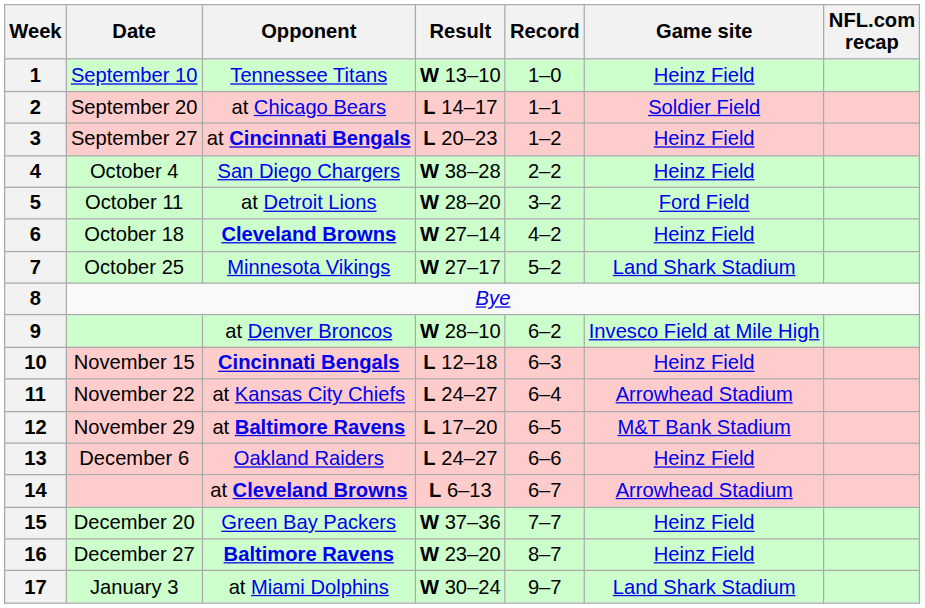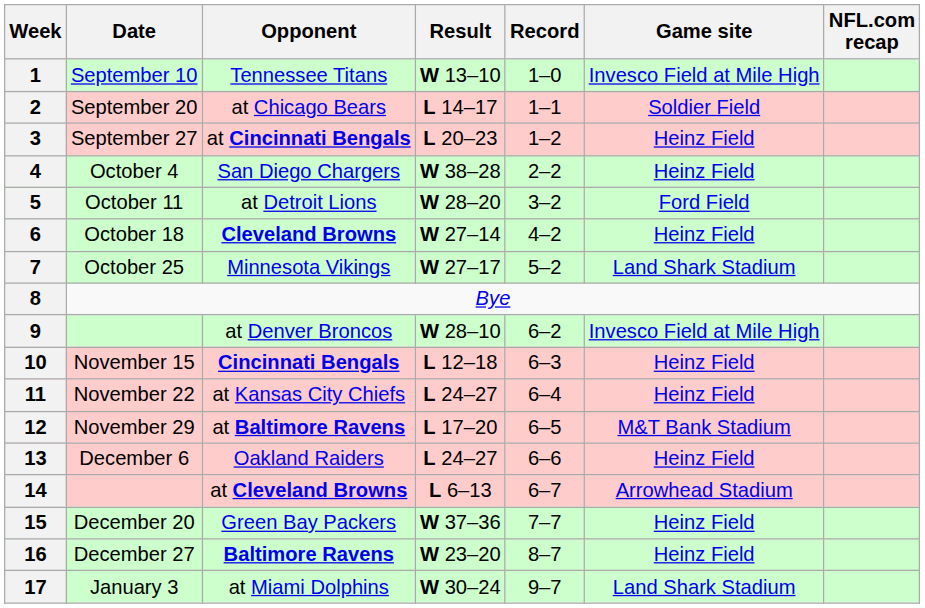 <table class="wikitable" style="text-align:center">
 <tr>
 <th>Week</th>
 <th>Date</th>
 <th>Opponent</th>
 <th>Result</th>
 <th>Record</th>
 <th>Game site</th>
 <th>NFL.com<br>recap</th>
 </tr>
 <tr style="background:#cfc;">
 <th>1</th>
 <td><a href='#'>September 10</a></td>
 <td><a href='#'>Tennessee Titans</a></td>
 <td><strong>W</strong> 13–10 </td>
 <td>1–0</td>
-<td><a href='#'>Heinz Field</a></td>
+<td><a href='#'>Invesco Field at Mile High</a></td>
 <td></td>
 </tr>
 <tr style="background:#fcc;">
 <th>2</th>
 <td>September 20</td>
 <td>at <a href='#'>Chicago Bears</a></td>
 <td><strong>L</strong> 14–17</td>
 <td>1–1</td>
 <td><a href='#'>Soldier Field</a></td>
 <td></td>
 </tr>
 <tr style="background:#fcc;">
 <th>3</th>
 <td>September 27</td>
 <td>at <strong><a href='#'>Cincinnati Bengals</a></strong></td>
 <td><strong>L</strong> 20–23</td>
 <td>1–2</td>
 <td><a href='#'>Heinz Field</a></td>
 <td></td>
 </tr>
 <tr style="background:#cfc;">
 <th>4</th>
 <td>October 4</td>
 <td><a href='#'>San Diego Chargers</a></td>
 <td><strong>W</strong> 38–28</td>
 <td>2–2</td>
 <td><a href='#'>Heinz Field</a></td>
 <td></td>
 </tr>
 <tr style="background:#cfc;">
 <th>5</th>
 <td>October 11</td>
 <td>at <a href='#'>Detroit Lions</a></td>
 <td><strong>W</strong> 28–20</td>
 <td>3–2</td>
 <td><a href='#'>Ford Field</a></td>
 <td></td>
 </tr>
 <tr style="background:#cfc;">
 <th>6</th>
 <td>October 18</td>
 <td><strong><a href='#'>Cleveland Browns</a></strong></td>
 <td><strong>W</strong> 27–14</td>
 <td>4–2</td>
 <td><a href='#'>Heinz Field</a></td>
 <td></td>
 </tr>
 <tr style="background:#cfc;">
 <th>7</th>
 <td>October 25</td>
 <td><a href='#'>Minnesota Vikings</a></td>
 <td><strong>W</strong> 27–17</td>
 <td>5–2</td>
 <td><a href='#'>Land Shark Stadium</a></td>
 <td></td>
 </tr>
 <tr>
 <th>8</th>
 <td colspan="9" style="text-align:center;"><em><a href='#'>Bye</a></em></td>
 </tr>
 <tr style="background:#cfc;">
 <th>9</th>
 <td></td>
 <td>at <a href='#'>Denver Broncos</a></td>
 <td><strong>W</strong> 28–10</td>
 <td>6–2</td>
 <td><a href='#'>Invesco Field at Mile High</a></td>
 <td></td>
 </tr>
 <tr style="background:#fcc;">
 <th>10</th>
 <td>November 15</td>
 <td><strong><a href='#'>Cincinnati Bengals</a></strong></td>
 <td><strong>L</strong> 12–18</td>
 <td>6–3</td>
 <td><a href='#'>Heinz Field</a></td>
 <td></td>
 </tr>
 <tr style="background:#fcc;">
 <th>11</th>
 <td>November 22</td>
 <td>at <a href='#'>Kansas City Chiefs</a></td>
 <td><strong>L</strong> 24–27 </td>
 <td>6–4</td>
-<td><a href='#'>Arrowhead Stadium</a></td>
+<td><a href='#'>Heinz Field</a></td>
 <td></td>
 </tr>
 <tr style="background:#fcc;">
 <th>12</th>
 <td>November 29</td>
 <td>at <strong><a href='#'>Baltimore Ravens</a></strong></td>
 <td><strong>L</strong> 17–20 </td>
 <td>6–5</td>
 <td><a href='#'>M&T Bank Stadium</a></td>
 <td></td>
 </tr>
 <tr style="background:#fcc;">
 <th>13</th>
 <td>December 6</td>
 <td><a href='#'>Oakland Raiders</a></td>
 <td><strong>L</strong> 24–27</td>
 <td>6–6</td>
 <td><a href='#'>Heinz Field</a></td>
 <td></td>
 </tr>
 <tr style="background:#fcc;">
 <th>14</th>
 <td></td>
 <td>at <strong><a href='#'>Cleveland Browns</a></strong></td>
 <td><strong>L</strong> 6–13</td>
 <td>6–7</td>
 <td><a href='#'>Arrowhead Stadium</a></td>
 <td></td>
 </tr>
 <tr style="background:#cfc;">
 <th>15</th>
 <td>December 20</td>
 <td><a href='#'>Green Bay Packers</a></td>
 <td><strong>W</strong> 37–36</td>
 <td>7–7</td>
 <td><a href='#'>Heinz Field</a></td>
 <td></td>
 </tr>
 <tr style="background:#cfc;">
 <th>16</th>
 <td>December 27</td>
 <td><strong><a href='#'>Baltimore Ravens</a></strong></td>
 <td><strong>W</strong> 23–20</td>
 <td>8–7</td>
 <td><a href='#'>Heinz Field</a></td>
 <td></td>
 </tr>
 <tr style="background:#cfc;">
 <th>17</th>
 <td>January 3</td>
 <td>at <a href='#'>Miami Dolphins</a></td>
 <td><strong>W</strong> 30–24</td>
 <td>9–7</td>
 <td><a href='#'>Land Shark Stadium</a></td>
 <td></td>
 </tr>
 </table>
